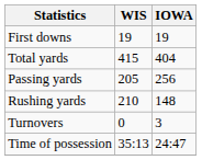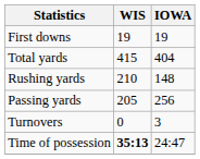 <table class="wikitable">
 <tr>
 <th>Statistics</th>
 <th>WIS</th>
 <th>IOWA</th>
 </tr>
 <tr>
 <td>First downs</td>
 <td>19</td>
 <td>19</td>
 </tr>
 <tr>
 <td>Total yards</td>
 <td>415</td>
 <td>404</td>
 </tr>
 <tr>
+<td>Rushing yards</td>
+<td>210</td>
+<td>148</td>
+</tr>
+<tr>
 <td>Passing yards</td>
 <td>205</td>
 <td>256</td>
-</tr>
-<tr>
-<td>Rushing yards</td>
-<td>210</td>
-<td>148</td>
 </tr>
 <tr>
 <td>Turnovers</td>
 <td>0</td>
 <td>3</td>
 </tr>
 <tr>
 <td>Time of possession</td>
-<td>35:13</td>
+<td><strong>35:13</strong></td>
 <td>24:47</td>
 </tr>
 <tr>
 </tr>
 </table>
